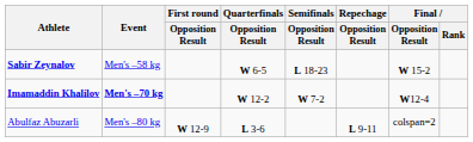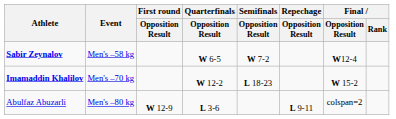 <table class="wikitable" style="font-size:90%;">
 <tr>
 <th rowspan=2>Athlete</th>
 <th rowspan=2>Event</th>
 <th>First round</th>
 <th>Quarterfinals</th>
 <th>Semifinals</th>
 <th>Repechage</th>
 <th colspan=2>Final / </th>
 </tr>
 <tr style="font-size:95%">
 <th>Opposition<br>Result</th>
 <th>Opposition<br>Result</th>
 <th>Opposition<br>Result</th>
 <th>Opposition<br>Result</th>
 <th>Opposition<br>Result</th>
 <th>Rank</th>
 </tr>
 <tr align=center>
 <td align=left><strong><a href='#'>Sabir Zeynalov</a></strong></td>
 <td align=left><a href='#'>Men's –58 kg</a></td>
 <td></td>
 <td><br> <strong>W</strong> 6-5</td>
-<td><br><strong>L</strong> 18-23</td>
+<td><br><strong>W</strong> 7-2</td>
 <td></td>
-<td><br><strong>W</strong> 15-2</td>
+<td><br><strong>W</strong>12-4</td>
 <td></td>
 </tr>
 <tr align=center>
 <td align=left><strong><a href='#'>Imamaddin Khalilov</a></strong></td>
-<td align=left><strong><a href='#'>Men's –70 kg</a></strong></td>
+<td align=left><a href='#'>Men's –70 kg</a></td>
 <td></td>
 <td><br><strong>W</strong> 12-2</td>
-<td><br><strong>W</strong> 7-2</td>
+<td><br><strong>L</strong> 18-23</td>
 <td></td>
-<td><br><strong>W</strong>12-4</td>
+<td><br><strong>W</strong> 15-2</td>
 <td></td>
 </tr>
 <tr align=center>
 <td align=left><a href='#'>Abulfaz Abuzarli</a></td>
 <td align=left><a href='#'>Men's –80 kg</a></td>
 <td><br><strong>W</strong> 12-9</td>
 <td><br><strong>L</strong> 3-6</td>
 <td></td>
 <td><br><strong>L</strong> 9-11</td>
 <td>colspan=2 </td>
 </tr>
 </table>
